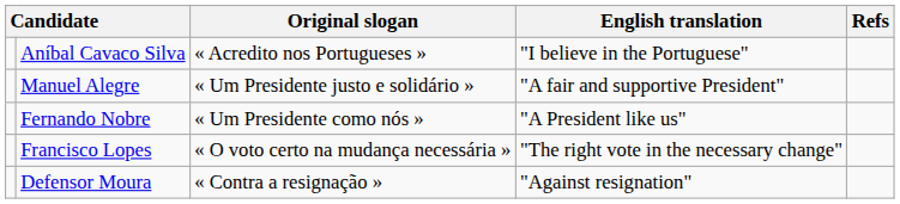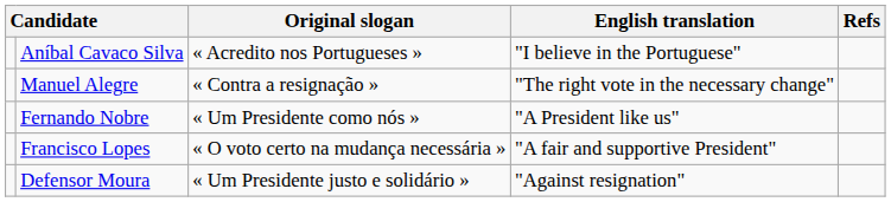 <table class="wikitable" style="font-size:97%; text-align:left">
 <tr>
 <th style="text-align:left;" colspan="2">Candidate</th>
 <th>Original slogan</th>
 <th>English translation</th>
 <th>Refs</th>
 </tr>
 <tr>
 <td></td>
 <td><a href='#'>Aníbal Cavaco Silva</a></td>
 <td>« Acredito nos Portugueses »</td>
 <td>"I believe in the Portuguese"</td>
 <td></td>
 </tr>
 <tr>
 <td width="1"></td>
 <td><a href='#'>Manuel Alegre</a></td>
-<td>« Um Presidente justo e solidário »</td>
-<td>"A fair and supportive President"</td>
+<td>« Contra a resignação »</td>
+<td>"The right vote in the necessary change"</td>
 <td></td>
 </tr>
 <tr>
 <td></td>
 <td><a href='#'>Fernando Nobre</a></td>
 <td>« Um Presidente como nós »</td>
 <td>"A President like us"</td>
 <td></td>
 </tr>
 <tr>
 <td></td>
 <td><a href='#'>Francisco Lopes</a></td>
 <td>« O voto certo na mudança necessária »</td>
-<td>"The right vote in the necessary change"</td>
+<td>"A fair and supportive President"</td>
 <td></td>
 </tr>
 <tr>
 <td style="background:"></td>
 <td><a href='#'>Defensor Moura</a></td>
-<td>« Contra a resignação »</td>
+<td>« Um Presidente justo e solidário »</td>
 <td>"Against resignation"</td>
 <td></td>
 </tr>
 </table>
